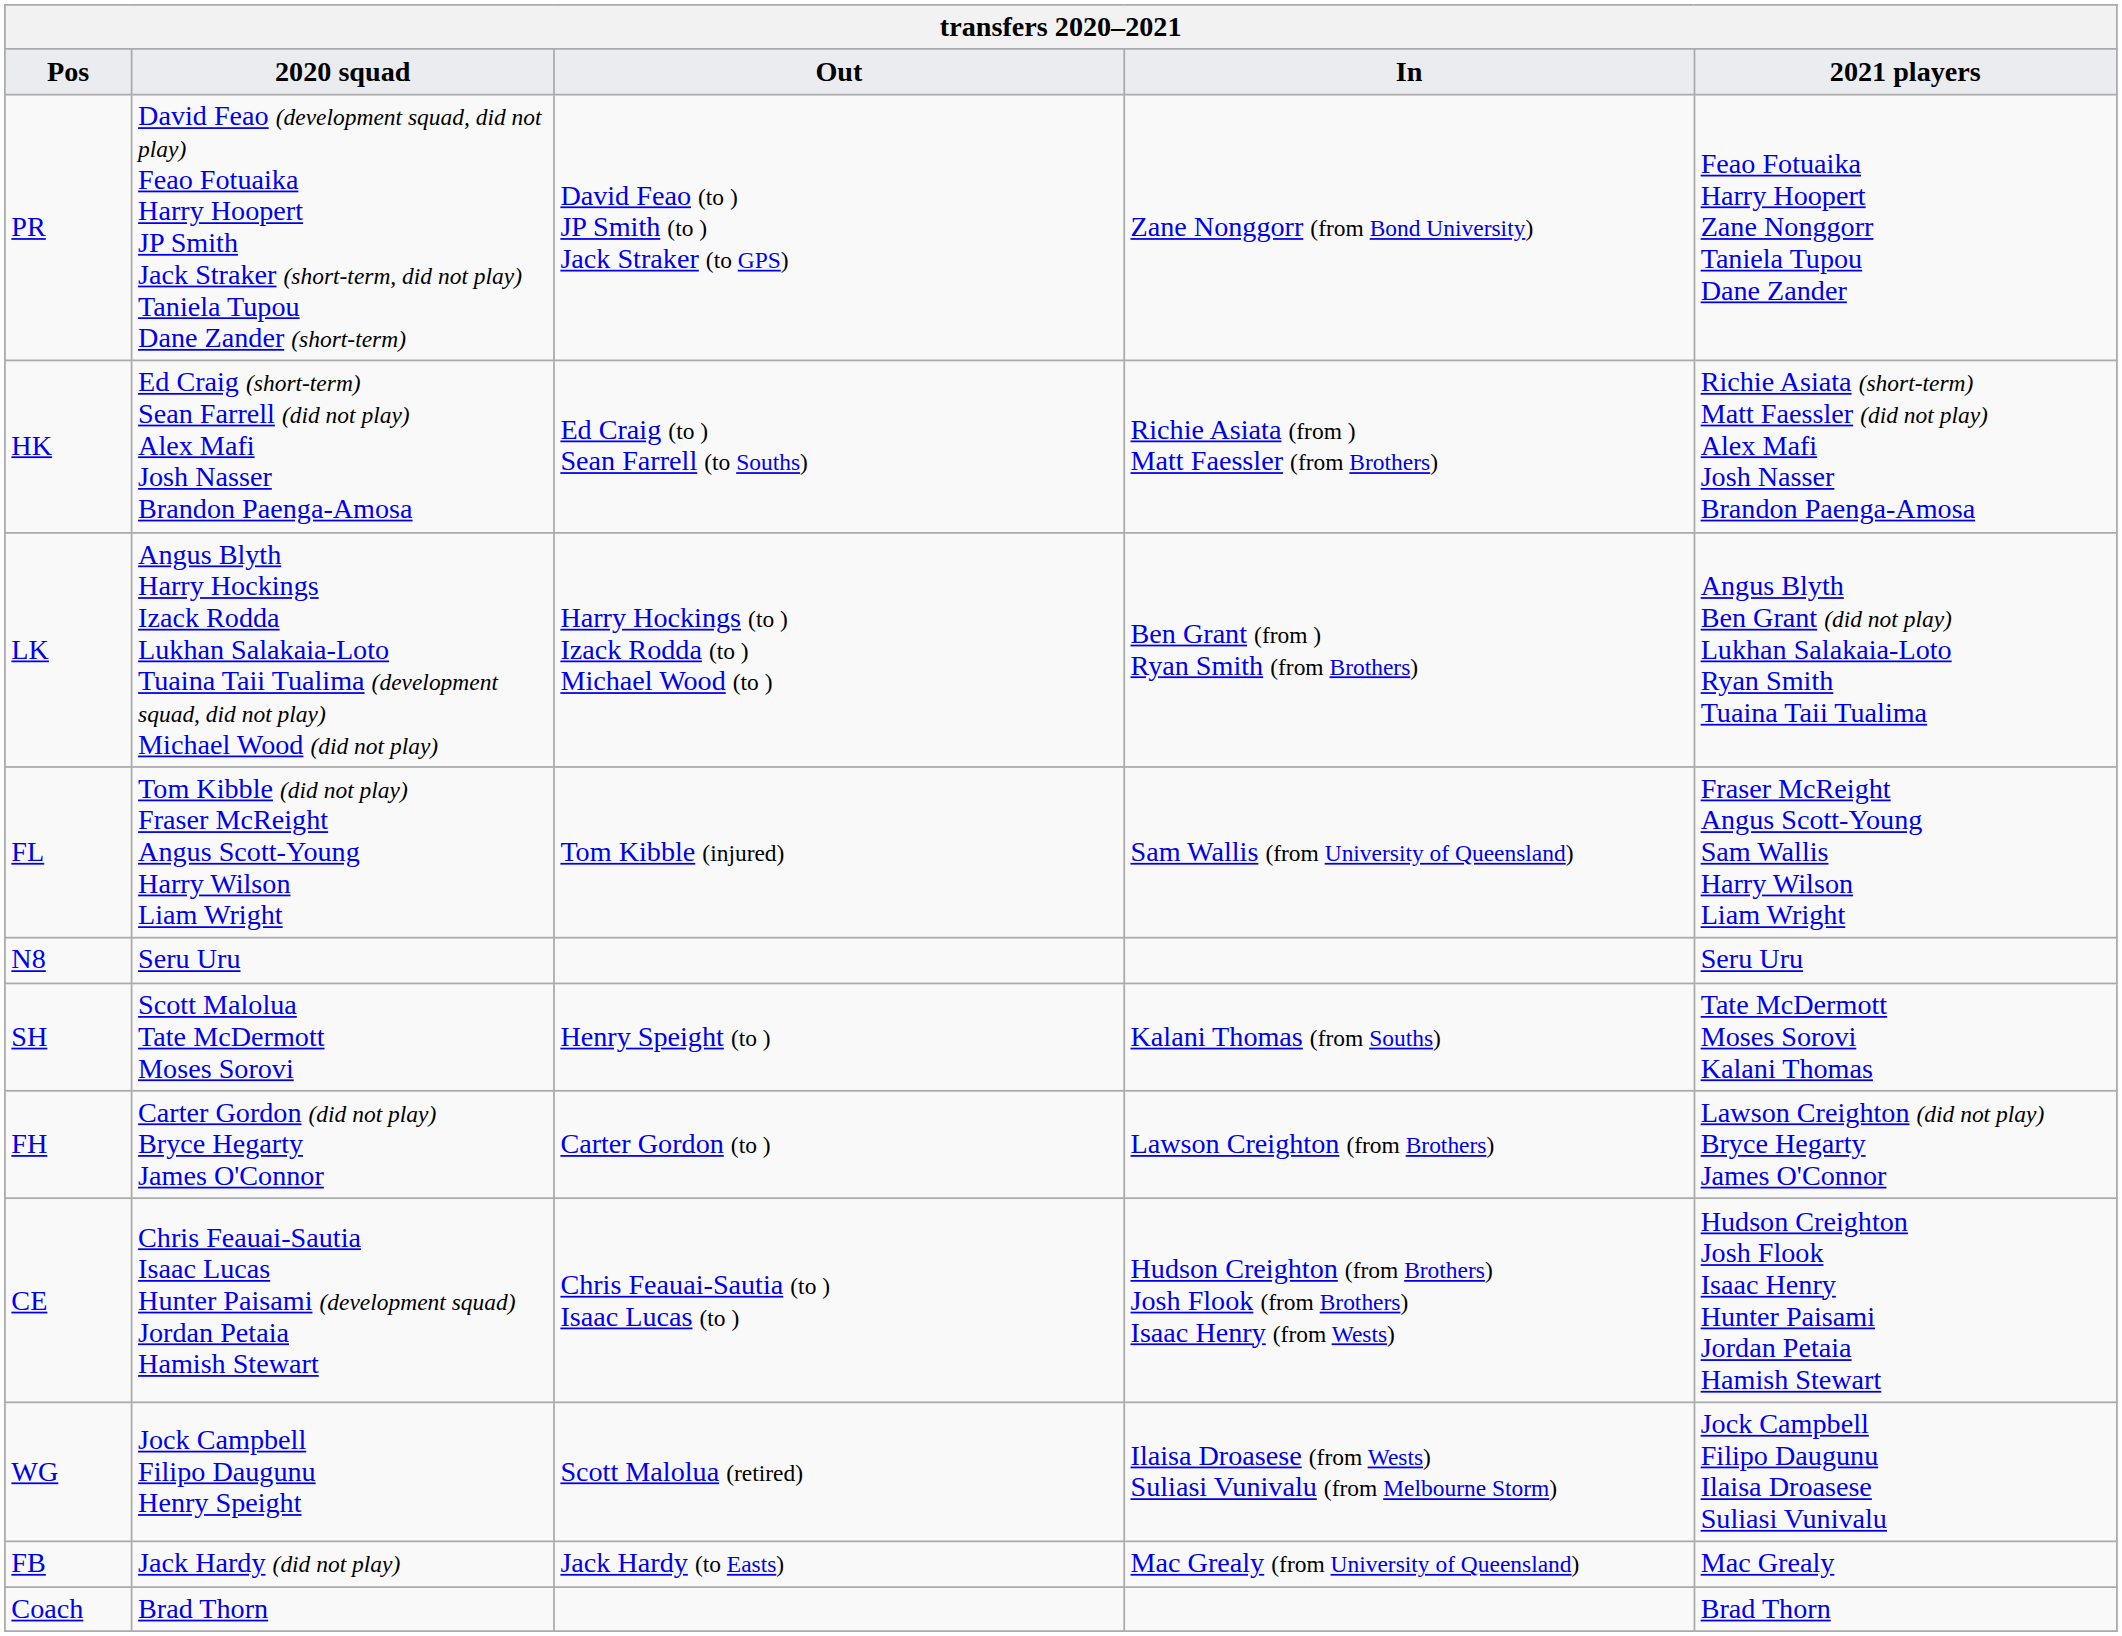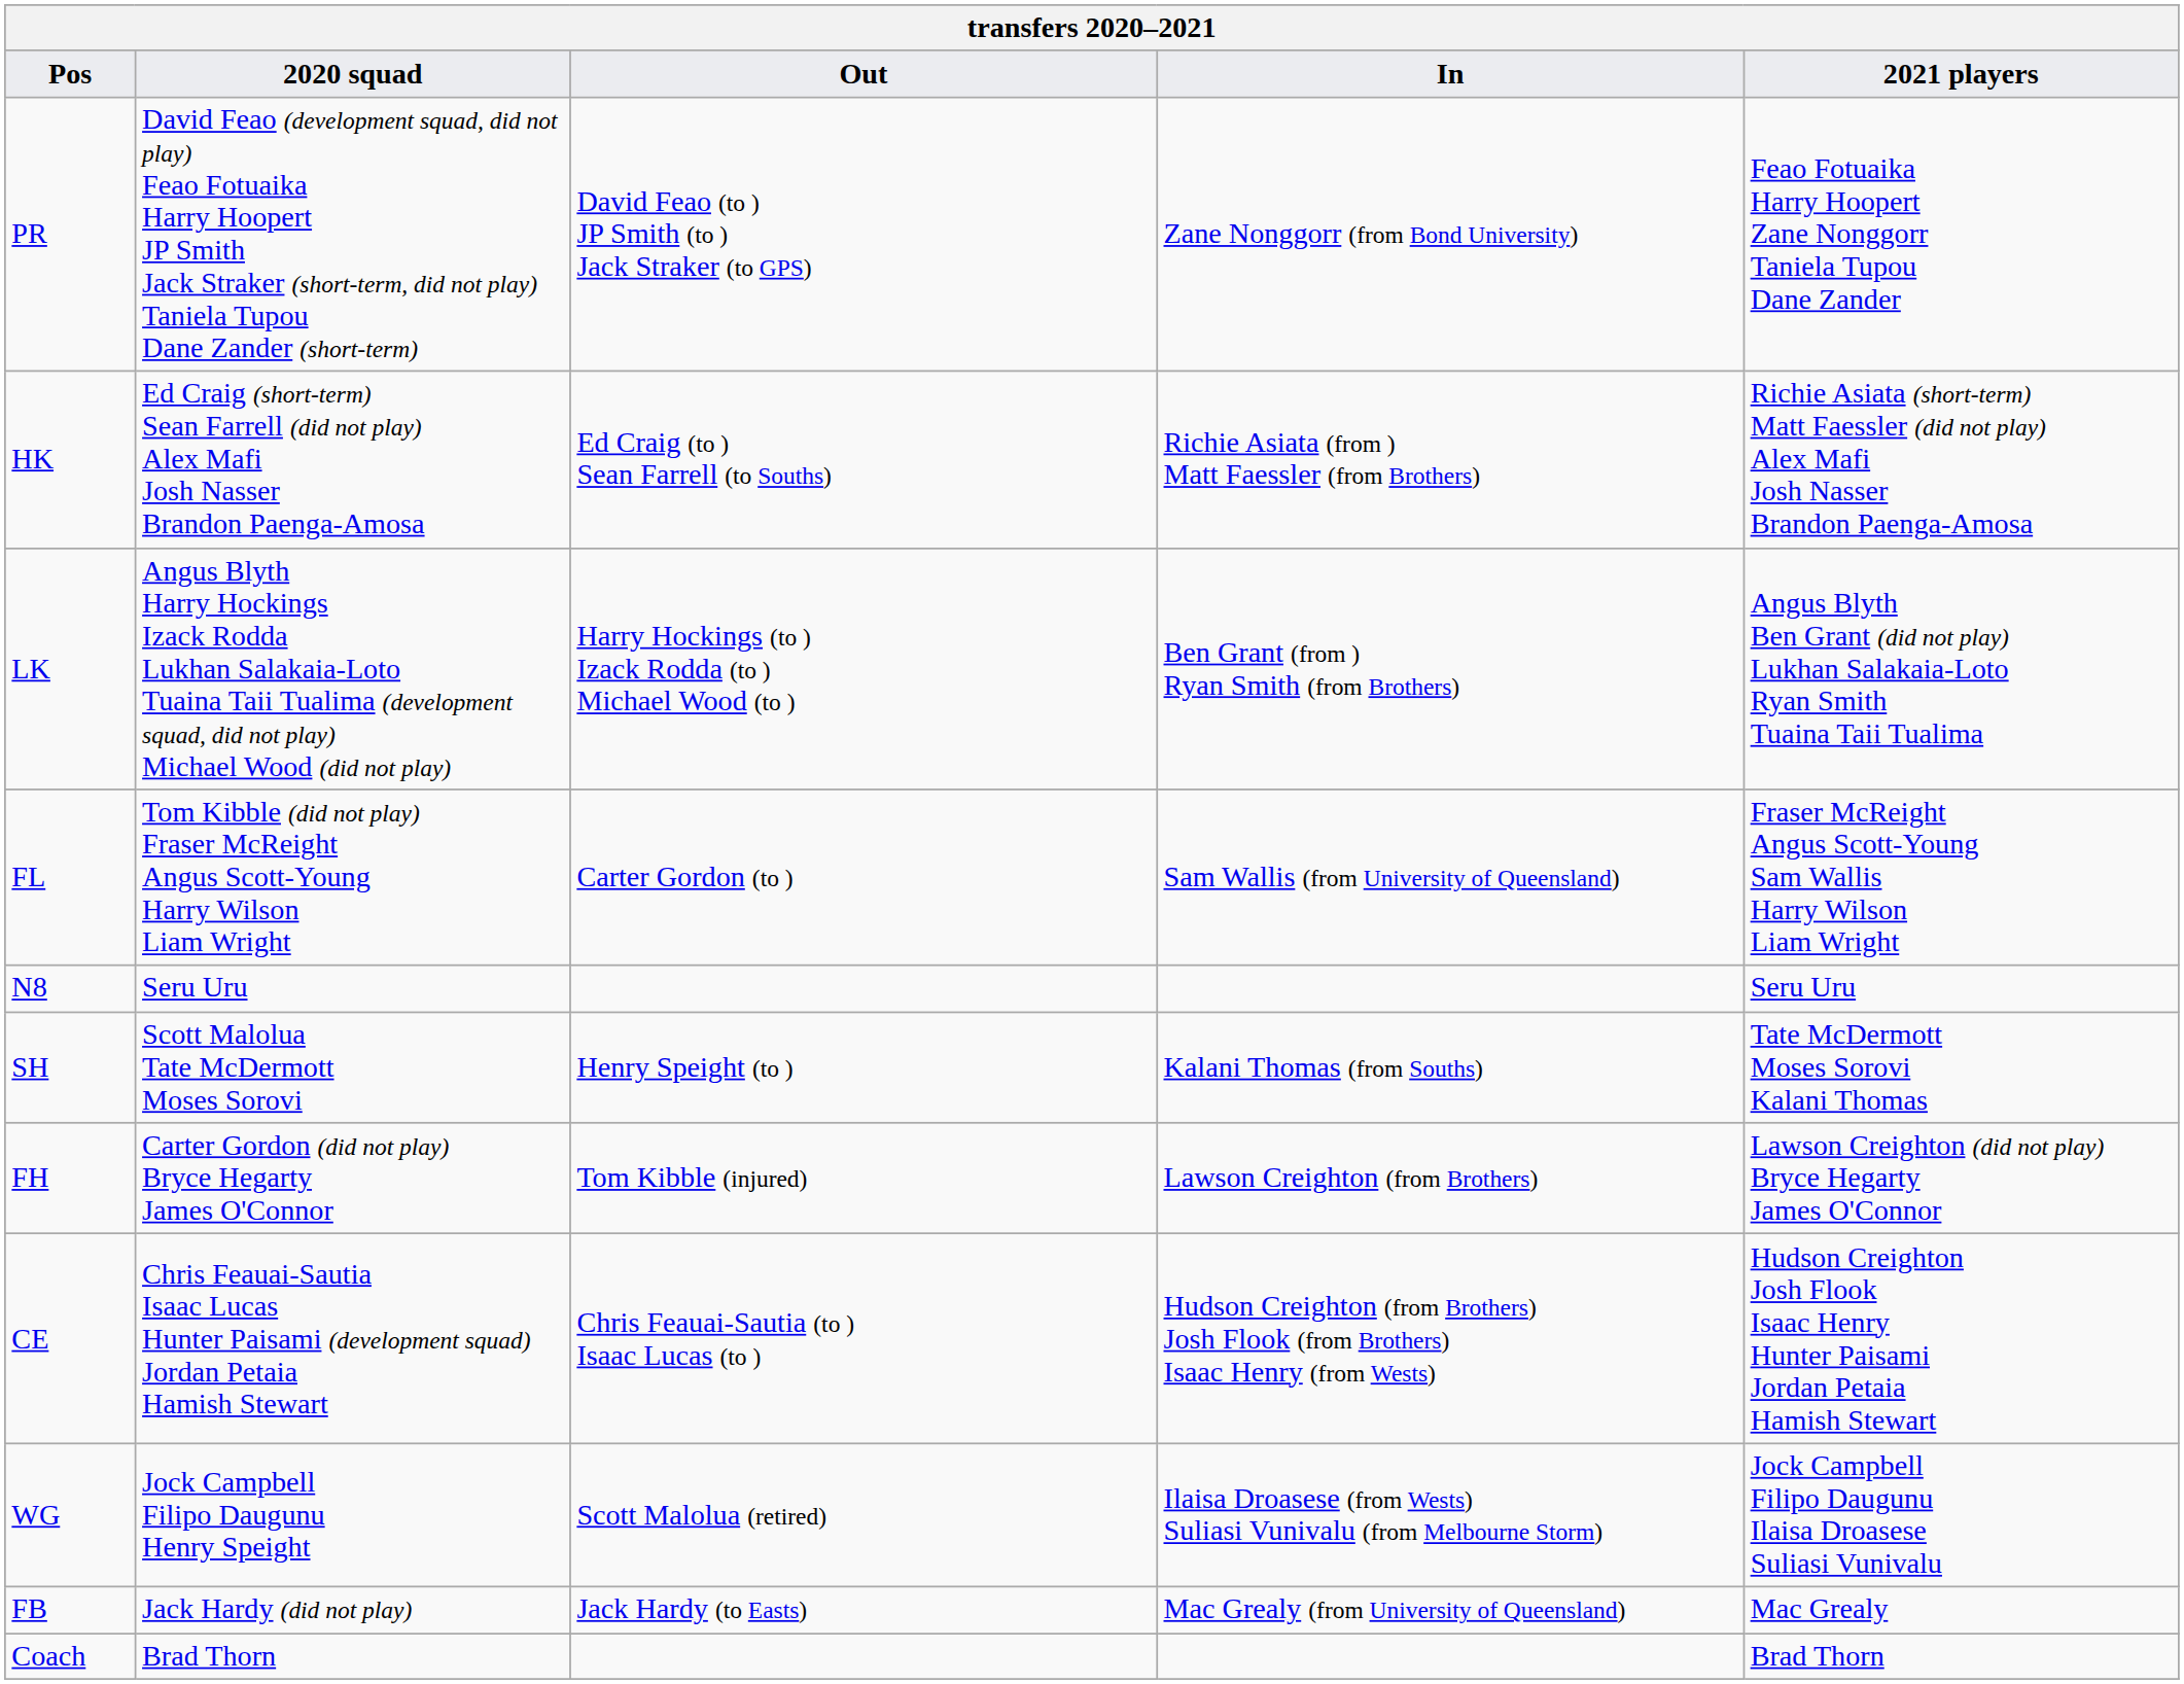 <table class="wikitable" style="text-align: left; width:95%">
 <tr>
 <th colspan="100%"> transfers 2020–2021</th>
 </tr>
 <tr>
 <th style="background:#ebecf0; width:6%;">Pos</th>
 <th style="background:#ebecf0; width:20%;">2020 squad</th>
 <th style="background:#ebecf0; width:27%;">Out</th>
 <th style="background:#ebecf0; width:27%;">In</th>
 <th style="background:#ebecf0; width:20%;">2021 players</th>
 </tr>
 <tr>
 <td><a href='#'>PR</a></td>
 <td> <a href='#'>David Feao</a> <small><em>(development squad, did not play)</em></small> <br> <a href='#'>Feao Fotuaika</a> <br> <a href='#'>Harry Hoopert</a> <br> <a href='#'>JP Smith</a> <br> <a href='#'>Jack Straker</a> <small><em>(short-term, did not play)</em></small> <br> <a href='#'>Taniela Tupou</a> <br> <a href='#'>Dane Zander</a> <small><em>(short-term)</em></small></td>
 <td>  <a href='#'>David Feao</a> <small>(to )</small> <br>  <a href='#'>JP Smith</a> <small>(to )</small> <br>  <a href='#'>Jack Straker</a> <small>(to <a href='#'>GPS</a>)</small></td>
 <td>  <a href='#'>Zane Nonggorr</a> <small>(from <a href='#'>Bond University</a>)</small></td>
 <td> <a href='#'>Feao Fotuaika</a> <br> <a href='#'>Harry Hoopert</a> <br> <a href='#'>Zane Nonggorr</a> <br> <a href='#'>Taniela Tupou</a> <br> <a href='#'>Dane Zander</a></td>
 </tr>
 <tr>
 <td><a href='#'>HK</a></td>
 <td> <a href='#'>Ed Craig</a> <small><em>(short-term)</em></small> <br> <a href='#'>Sean Farrell</a> <small><em>(did not play)</em></small> <br> <a href='#'>Alex Mafi</a> <br> <a href='#'>Josh Nasser</a> <br> <a href='#'>Brandon Paenga-Amosa</a></td>
 <td>  <a href='#'>Ed Craig</a> <small>(to )</small> <br>  <a href='#'>Sean Farrell</a> <small>(to <a href='#'>Souths</a>)</small></td>
 <td>  <a href='#'>Richie Asiata</a> <small>(from )</small> <br>  <a href='#'>Matt Faessler</a> <small>(from <a href='#'>Brothers</a>)</small></td>
 <td> <a href='#'>Richie Asiata</a> <small><em>(short-term)</em></small> <br> <a href='#'>Matt Faessler</a> <small><em>(did not play)</em></small><br> <a href='#'>Alex Mafi</a> <br> <a href='#'>Josh Nasser</a> <br> <a href='#'>Brandon Paenga-Amosa</a></td>
 </tr>
 <tr>
 <td><a href='#'>LK</a></td>
 <td> <a href='#'>Angus Blyth</a> <br> <a href='#'>Harry Hockings</a> <br> <a href='#'>Izack Rodda</a> <br> <a href='#'>Lukhan Salakaia-Loto</a> <br> <a href='#'>Tuaina Taii Tualima</a> <small><em>(development squad, did not play)</em></small> <br> <a href='#'>Michael Wood</a> <small><em>(did not play)</em></small></td>
 <td>  <a href='#'>Harry Hockings</a> <small>(to )</small> <br>  <a href='#'>Izack Rodda</a> <small>(to )</small> <br>  <a href='#'>Michael Wood</a> <small>(to )</small></td>
 <td>  <a href='#'>Ben Grant</a> <small>(from )</small> <br>  <a href='#'>Ryan Smith</a> <small>(from <a href='#'>Brothers</a>)</small></td>
 <td> <a href='#'>Angus Blyth</a> <br> <a href='#'>Ben Grant</a> <small><em>(did not play)</em></small><br> <a href='#'>Lukhan Salakaia-Loto</a> <br> <a href='#'>Ryan Smith</a> <br> <a href='#'>Tuaina Taii Tualima</a></td>
 </tr>
 <tr>
 <td><a href='#'>FL</a></td>
 <td> <a href='#'>Tom Kibble</a> <small><em>(did not play)</em></small> <br> <a href='#'>Fraser McReight</a> <br> <a href='#'>Angus Scott-Young</a> <br> <a href='#'>Harry Wilson</a> <br> <a href='#'>Liam Wright</a></td>
-<td>  <a href='#'>Tom Kibble</a> <small>(injured)</small></td>
+<td>  <a href='#'>Carter Gordon</a> <small>(to )</small></td>
 <td>  <a href='#'>Sam Wallis</a> <small>(from <a href='#'>University of Queensland</a>)</small></td>
 <td> <a href='#'>Fraser McReight</a> <br> <a href='#'>Angus Scott-Young</a> <br> <a href='#'>Sam Wallis</a> <br> <a href='#'>Harry Wilson</a> <br> <a href='#'>Liam Wright</a></td>
 </tr>
 <tr>
 <td><a href='#'>N8</a></td>
 <td> <a href='#'>Seru Uru</a></td>
 <td></td>
 <td></td>
 <td> <a href='#'>Seru Uru</a></td>
 </tr>
 <tr>
 <td><a href='#'>SH</a></td>
 <td> <a href='#'>Scott Malolua</a> <br> <a href='#'>Tate McDermott</a> <br> <a href='#'>Moses Sorovi</a></td>
 <td>  <a href='#'>Henry Speight</a> <small>(to )</small></td>
 <td>  <a href='#'>Kalani Thomas</a> <small>(from <a href='#'>Souths</a>)</small></td>
 <td> <a href='#'>Tate McDermott</a> <br> <a href='#'>Moses Sorovi</a> <br> <a href='#'>Kalani Thomas</a></td>
 </tr>
 <tr>
 <td><a href='#'>FH</a></td>
 <td> <a href='#'>Carter Gordon</a> <small><em>(did not play)</em></small> <br> <a href='#'>Bryce Hegarty</a><br> <a href='#'>James O'Connor</a></td>
-<td>  <a href='#'>Carter Gordon</a> <small>(to )</small></td>
+<td>  <a href='#'>Tom Kibble</a> <small>(injured)</small></td>
 <td>  <a href='#'>Lawson Creighton</a> <small>(from <a href='#'>Brothers</a>)</small></td>
 <td> <a href='#'>Lawson Creighton</a> <small><em>(did not play)</em></small><br> <a href='#'>Bryce Hegarty</a> <br> <a href='#'>James O'Connor</a></td>
 </tr>
 <tr>
 <td><a href='#'>CE</a></td>
 <td> <a href='#'>Chris Feauai-Sautia</a> <br> <a href='#'>Isaac Lucas</a> <br> <a href='#'>Hunter Paisami</a> <small><em>(development squad)</em></small> <br> <a href='#'>Jordan Petaia</a> <br> <a href='#'>Hamish Stewart</a></td>
 <td>  <a href='#'>Chris Feauai-Sautia</a> <small>(to )</small> <br>  <a href='#'>Isaac Lucas</a> <small>(to )</small></td>
 <td>  <a href='#'>Hudson Creighton</a> <small>(from <a href='#'>Brothers</a>)</small> <br>  <a href='#'>Josh Flook</a> <small>(from <a href='#'>Brothers</a>)</small> <br>  <a href='#'>Isaac Henry</a> <small>(from <a href='#'>Wests</a>)</small></td>
 <td> <a href='#'>Hudson Creighton</a> <br> <a href='#'>Josh Flook</a> <br> <a href='#'>Isaac Henry</a> <br> <a href='#'>Hunter Paisami</a> <br> <a href='#'>Jordan Petaia</a> <br> <a href='#'>Hamish Stewart</a></td>
 </tr>
 <tr>
 <td><a href='#'>WG</a></td>
 <td> <a href='#'>Jock Campbell</a> <br> <a href='#'>Filipo Daugunu</a> <br> <a href='#'>Henry Speight</a></td>
 <td>  <a href='#'>Scott Malolua</a> <small>(retired)</small></td>
 <td>  <a href='#'>Ilaisa Droasese</a> <small>(from <a href='#'>Wests</a>)</small> <br>  <a href='#'>Suliasi Vunivalu</a> <small>(from <a href='#'>Melbourne Storm</a>)</small></td>
 <td> <a href='#'>Jock Campbell</a> <br> <a href='#'>Filipo Daugunu</a> <br> <a href='#'>Ilaisa Droasese</a> <br> <a href='#'>Suliasi Vunivalu</a></td>
 </tr>
 <tr>
 <td><a href='#'>FB</a></td>
 <td> <a href='#'>Jack Hardy</a> <small><em>(did not play)</em></small></td>
 <td>  <a href='#'>Jack Hardy</a> <small>(to <a href='#'>Easts</a>)</small></td>
 <td>  <a href='#'>Mac Grealy</a> <small>(from <a href='#'>University of Queensland</a>)</small></td>
 <td> <a href='#'>Mac Grealy</a></td>
 </tr>
 <tr>
 <td><a href='#'>Coach</a></td>
 <td> <a href='#'>Brad Thorn</a></td>
 <td></td>
 <td></td>
 <td> <a href='#'>Brad Thorn</a></td>
 </tr>
 </table>
